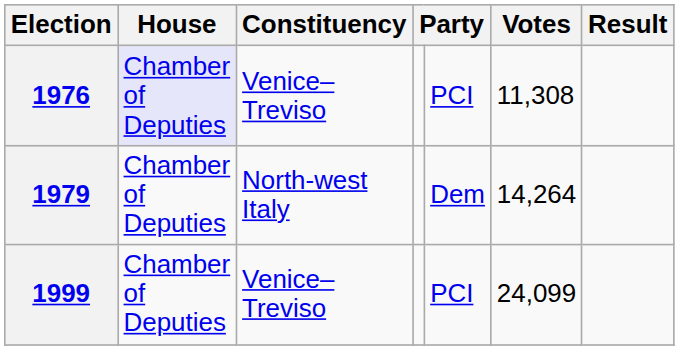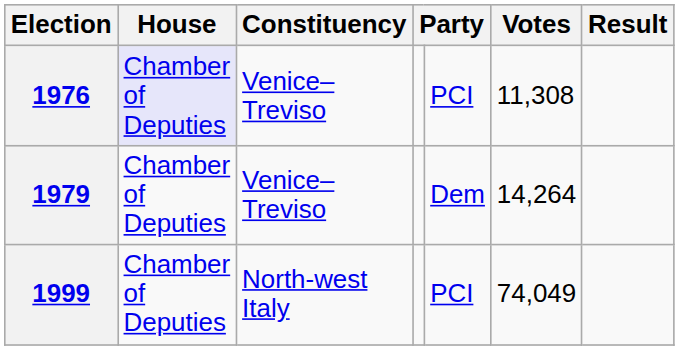 <table class=wikitable style="width:55%; border:1px #AAAAFF solid">
 <tr>
 <th width=12%>Election</th>
 <th width=23%>House</th>
 <th width=34%>Constituency</th>
 <th width=5% colspan="2">Party</th>
 <th width=12%>Votes</th>
 <th width=12%>Result</th>
 </tr>
 <tr>
 <th><a href='#'>1976</a></th>
 <td style="background: lavender;"><a href='#'>Chamber of Deputies</a></td>
 <td><a href='#'>Venice–Treviso</a></td>
 <td></td>
 <td><a href='#'>PCI</a></td>
 <td>11,308</td>
 <td></td>
 </tr>
 <tr>
 <th><a href='#'>1979</a></th>
 <td><a href='#'>Chamber of Deputies</a></td>
-<td><a href='#'>North-west Italy</a></td>
+<td><a href='#'>Venice–Treviso</a></td>
 <td></td>
 <td><a href='#'>Dem</a></td>
 <td>14,264</td>
 <td></td>
 </tr>
 <tr>
 <th><a href='#'>1999</a></th>
 <td><a href='#'>Chamber of Deputies</a></td>
-<td><a href='#'>Venice–Treviso</a></td>
+<td><a href='#'>North-west Italy</a></td>
 <td></td>
 <td><a href='#'>PCI</a></td>
-<td>24,099</td>
+<td>74,049</td>
 <td></td>
 </tr>
 </table>
